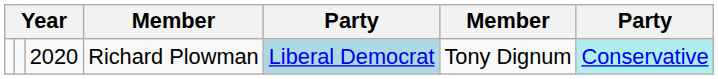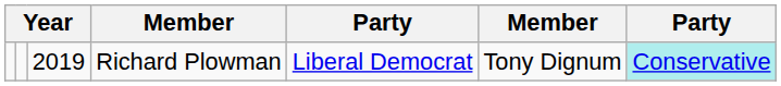 <table class="wikitable">
 <tr>
 <th colspan="3">Year</th>
 <th>Member</th>
 <th>Party</th>
 <th>Member</th>
 <th>Party</th>
 </tr>
 <tr>
 <td style="background-color: "></td>
 <td style="background-color: "></td>
-<td>2020</td>
+<td>2019</td>
 <td>Richard Plowman</td>
-<td style="background: lightblue;"><a href='#'>Liberal Democrat</a></td>
+<td><a href='#'>Liberal Democrat</a></td>
 <td>Tony Dignum</td>
 <td style="background: paleturquoise;"><a href='#'>Conservative</a></td>
 </tr>
 </table>
